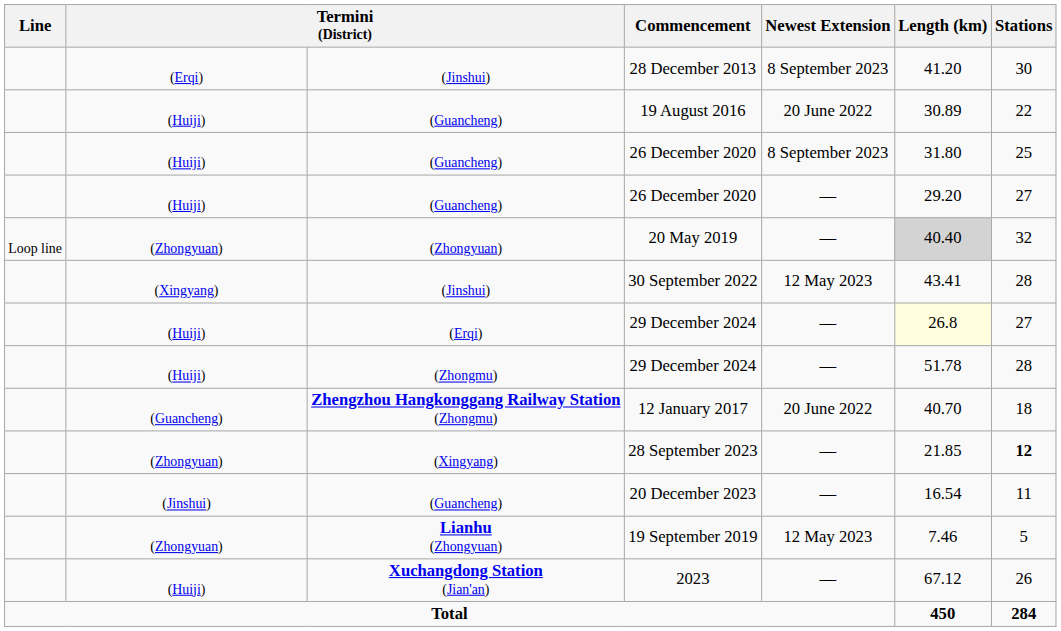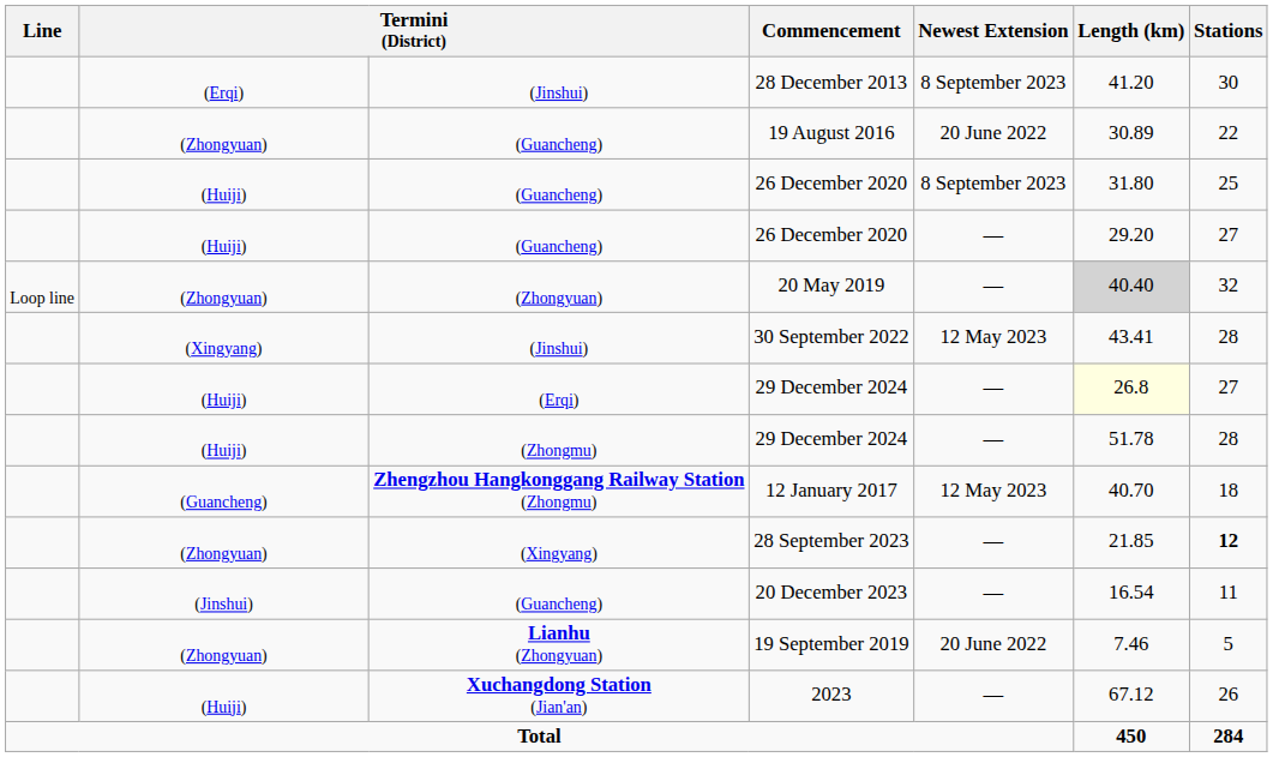 <table class="wikitable sortable" style="cell-padding:1.5; text-align:center;">
 <tr>
 <th data-sort-type="text"style="maxwidth:250px;">Line</th>
 <th class="unsortable" colspan="2" style="maxwidth:250px; line-height:1.05">Termini<br><small>(District)</small></th>
 <th style="maxwidth:300px">Commencement</th>
 <th style="maxwidth:300px">Newest Extension</th>
 <th style="line-height:1.05">Length (km)</th>
 <th style="line-height:1.05">Stations</th>
 </tr>
 <tr>
 <td style="text-align:center; line-height:1.05"></td>
 <td style="text-align:center; line-height:1.05"><strong></strong><br><small>(<a href='#'>Erqi</a>)</small></td>
 <td style="text-align:center; line-height:1.05"><strong></strong><br><small>(<a href='#'>Jinshui</a>)</small></td>
 <td style="text-align:center; line-height:1.05">28 December 2013</td>
 <td style="text-align:center; line-height:1.05">8 September 2023</td>
 <td style="text-align:center; line-height:1.05">41.20</td>
 <td style="text-align:center; line-height:1.05">30</td>
 </tr>
 <tr>
 <td style="text-align:center; line-height:1.05"></td>
-<td style="text-align:center; line-height:1.05"><strong></strong><br><small>(<a href='#'>Huiji</a>)</small></td>
+<td style="text-align:center; line-height:1.05"><strong></strong><br><small>(<a href='#'>Zhongyuan</a>)</small></td>
 <td style="text-align:center; line-height:1.05"><strong></strong><br><small>(<a href='#'>Guancheng</a>)</small></td>
 <td style="text-align:center; line-height:1.05">19 August 2016</td>
 <td style="text-align:center; line-height:1.05">20 June 2022</td>
 <td style="text-align:center; line-height:1.05">30.89</td>
 <td style="text-align:center; line-height:1.05">22</td>
 </tr>
 <tr>
 <td style="text-align:center; line-height:1.05"><br></td>
 <td style="text-align:center; line-height:1.05"><strong></strong><br><small>(<a href='#'>Huiji</a>)</small></td>
 <td style="text-align:center; line-height:1.05"><strong></strong><br><small>(<a href='#'>Guancheng</a>)</small></td>
 <td style="text-align:center; line-height:1.05">26 December 2020</td>
 <td style="text-align:center; line-height:1.05">8 September 2023</td>
 <td style="text-align:center; line-height:1.05">31.80</td>
 <td style="text-align:center; line-height:1.05">25</td>
 </tr>
 <tr>
 <td style="text-align:center; line-height:1.05"><br></td>
 <td style="text-align:center; line-height:1.05"><strong></strong><br><small>(<a href='#'>Huiji</a>)</small></td>
 <td style="text-align:center; line-height:1.05"><strong></strong><br><small>(<a href='#'>Guancheng</a>)</small></td>
 <td style="text-align:center; line-height:1.05">26 December 2020</td>
 <td style="text-align:center; line-height:1.05">—</td>
 <td style="text-align:center; line-height:1.05">29.20</td>
 <td style="text-align:center; line-height:1.05">27</td>
 </tr>
 <tr>
 <td style="text-align:center; line-height:1.05"><br><small>Loop line</small></td>
 <td style="text-align:center; line-height:1.05"><strong></strong><br><small>(<a href='#'>Zhongyuan</a>)</small></td>
 <td style="text-align:center; line-height:1.05"><strong></strong><br><small>(<a href='#'>Zhongyuan</a>)</small></td>
 <td style="text-align:center; line-height:1.05">20 May 2019</td>
 <td style="text-align:center; line-height:1.05">—</td>
 <td style="background: lightgrey; text-align:center; line-height:1.05">40.40</td>
 <td style="text-align:center; line-height:1.05">32</td>
 </tr>
 <tr>
 <td style="text-align:center; line-height:1.05"><br></td>
 <td style="text-align:center; line-height:1.05"><strong></strong><br><small>(<a href='#'>Xingyang</a>)</small></td>
 <td style="text-align:center; line-height:1.05"><strong></strong><br><small>(<a href='#'>Jinshui</a>)</small></td>
 <td style="text-align:center; line-height:1.05">30 September 2022</td>
 <td style="text-align:center; line-height:1.05">12 May 2023</td>
 <td style="text-align:center; line-height:1.05">43.41</td>
 <td style="text-align:center; line-height:1.05">28</td>
 </tr>
 <tr>
 <td style="text-align:center; line-height:1.05"><br></td>
 <td style="text-align:center; width:225px; line-height:1.05"><strong></strong><br><small>(<a href='#'>Huiji</a>)</small></td>
 <td style="text-align:center; line-height:1.05"><strong></strong><br><small>(<a href='#'>Erqi</a>)</small></td>
 <td style="text-align:center; line-height:1.05">29 December 2024</td>
 <td style="text-align:center; line-height:1.05">—</td>
 <td style="background: lightyellow; text-align:center; line-height:1.05">26.8</td>
 <td style="text-align:center; line-height:1.05">27</td>
 </tr>
 <tr>
 <td style="text-align:center; line-height:1.05"><br></td>
 <td style="text-align:center; line-height:1.05"><strong></strong><br><small>(<a href='#'>Huiji</a>)</small></td>
 <td style="text-align:center; line-height:1.05"><strong></strong><br><small>(<a href='#'>Zhongmu</a>)</small></td>
 <td style="text-align:center; line-height:1.05">29 December 2024</td>
 <td style="text-align:center; line-height:1.05">—</td>
 <td style="text-align:center; line-height:1.05">51.78</td>
 <td style="text-align:center; line-height:1.05">28</td>
 </tr>
 <tr>
 <td style="text-align:center; line-height:1.05"> </td>
 <td style="text-align:center; line-height:1.05"><strong></strong><br><small>(<a href='#'>Guancheng</a>)</small></td>
 <td style="text-align:center; line-height:1.05"><strong><a href='#'>Zhengzhou Hangkonggang Railway Station</a></strong><br><small>(<a href='#'>Zhongmu</a>)</small></td>
 <td style="text-align:center; line-height:1.05">12 January 2017</td>
-<td style="text-align:center; line-height:1.05">20 June 2022</td>
+<td style="text-align:center; line-height:1.05">12 May 2023</td>
 <td style="text-align:center; line-height:1.05">40.70</td>
 <td style="text-align:center; line-height:1.05">18</td>
 </tr>
 <tr>
 <td style="text-align:center; line-height:1.05"><br></td>
 <td style="text-align:center; line-height:1.05"><strong></strong><br><small>(<a href='#'>Zhongyuan</a>)</small></td>
 <td style="text-align:center; line-height:1.05"><strong></strong><br><small>(<a href='#'>Xingyang</a>)</small></td>
 <td style="text-align:center; line-height:1.05">28 September 2023</td>
 <td style="text-align:center; line-height:1.05">—</td>
 <td style="text-align:center; line-height:1.05">21.85</td>
 <td style="text-align:center; line-height:1.05"><strong>12</strong></td>
 </tr>
 <tr>
 <td style="text-align:center; line-height:1.05"><br></td>
 <td style="text-align:center; line-height:1.05"><strong></strong><br><small>(<a href='#'>Jinshui</a>)</small></td>
 <td style="text-align:center; line-height:1.05"><strong></strong><br><small>(<a href='#'>Guancheng</a>)</small></td>
 <td style="text-align:center; line-height:1.05">20 December 2023</td>
 <td style="text-align:center; line-height:1.05">—</td>
 <td style="text-align:center; line-height:1.05">16.54</td>
 <td style="text-align:center; line-height:1.05">11</td>
 </tr>
 <tr>
 <td style="text-align:center; line-height:1.05"><br></td>
 <td style="text-align:center; line-height:1.05"><strong></strong><br><small>(<a href='#'>Zhongyuan</a>)</small></td>
 <td style="text-align:center; line-height:1.05"><strong><a href='#'>Lianhu</a></strong><br><small>(<a href='#'>Zhongyuan</a>)</small></td>
 <td style="text-align:center; line-height:1.05">19 September 2019</td>
-<td style="text-align:center; line-height:1.05">12 May 2023</td>
+<td style="text-align:center; line-height:1.05">20 June 2022</td>
 <td style="text-align:center; line-height:1.05">7.46</td>
 <td style="text-align:center; line-height:1.05">5</td>
 </tr>
 <tr>
 <td style="text-align:center; line-height:1.05"> <br></td>
 <td style="text-align:center; line-height:1.05"><strong></strong><br><small>(<a href='#'>Huiji</a>)</small></td>
 <td style="text-align:center; line-height:1.05"><strong><a href='#'>Xuchangdong Station</a></strong><br><small>(<a href='#'>Jian'an</a>)</small></td>
 <td style="text-align:center; line-height:1.05">2023</td>
 <td style="text-align:center; line-height:1.05">—</td>
 <td style="text-align:center; line-height:1.05">67.12</td>
 <td style="text-align:center; line-height:1.05">26</td>
 </tr>
 <tr class="sortbottom">
 <td style="text-align:center; line-height:1.05" colspan="5"><strong>Total</strong></td>
 <td style="text-align:center; line-height:1.05"><strong>450</strong></td>
 <td style="text-align:center; line-height:1.05"><strong>284</strong></td>
 </tr>
 </table>
